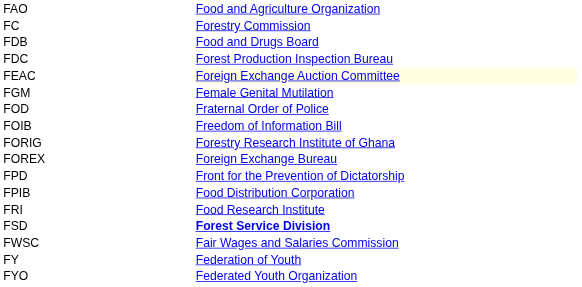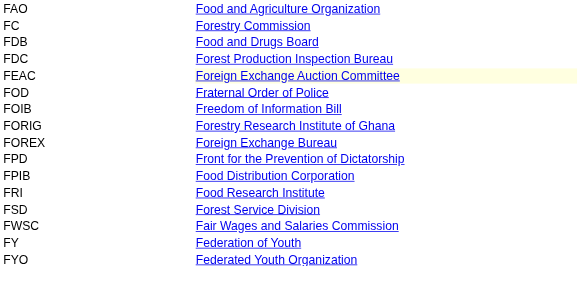 <table width="100%" style="text-verticalalign:top">
 <tr>
 <td width="20%">FAO</td>
 <td width="40%"><a href='#'>Food and Agriculture Organization</a></td>
 <td width="40%"></td>
 </tr>
 <tr>
 <td>FC</td>
 <td><a href='#'>Forestry Commission</a></td>
 <td></td>
 </tr>
 <tr>
 <td>FDB</td>
 <td><a href='#'>Food and Drugs Board</a></td>
 <td></td>
 </tr>
 <tr>
 <td>FDC</td>
 <td><a href='#'>Forest Production Inspection Bureau</a></td>
 <td></td>
 </tr>
 <tr>
 <td>FEAC</td>
 <td style="background: lightyellow;"><a href='#'>Foreign Exchange Auction Committee</a></td>
-<td></td>
-</tr>
-<tr>
-<td>FGM</td>
-<td><a href='#'>Female Genital Mutilation</a></td>
 <td></td>
 </tr>
 <tr>
 <td>FOD</td>
 <td><a href='#'>Fraternal Order of Police</a></td>
 <td></td>
 </tr>
 <tr>
 <td>FOIB</td>
 <td><a href='#'>Freedom of Information Bill</a></td>
 <td></td>
 </tr>
 <tr>
 <td>FORIG</td>
 <td><a href='#'>Forestry Research Institute of Ghana</a></td>
 <td></td>
 </tr>
 <tr>
 <td>FOREX</td>
 <td><a href='#'>Foreign Exchange Bureau</a></td>
 <td></td>
 </tr>
 <tr>
 <td>FPD</td>
 <td><a href='#'>Front for the Prevention of Dictatorship</a></td>
 <td></td>
 </tr>
 <tr>
 <td>FPIB</td>
 <td><a href='#'>Food Distribution Corporation</a></td>
 <td></td>
 </tr>
 <tr>
 <td>FRI</td>
 <td><a href='#'>Food Research Institute</a></td>
 <td></td>
 </tr>
 <tr>
 <td>FSD</td>
-<td><strong><a href='#'>Forest Service Division</a></strong></td>
+<td><a href='#'>Forest Service Division</a></td>
 <td></td>
 </tr>
 <tr>
 <td>FWSC</td>
 <td><a href='#'>Fair Wages and Salaries Commission</a></td>
 <td></td>
 </tr>
 <tr>
 <td>FY</td>
 <td><a href='#'>Federation of Youth</a></td>
 <td></td>
 </tr>
 <tr>
 <td>FYO</td>
 <td><a href='#'>Federated Youth Organization</a></td>
 <td></td>
 </tr>
 </table>
